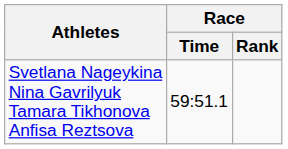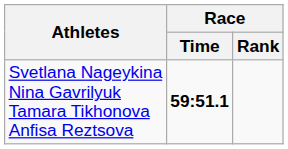 <table class="wikitable" border="1" style="font-size:90%">
 <tr>
 <th rowspan=2>Athletes</th>
 <th colspan=2>Race</th>
 </tr>
 <tr>
 <th>Time</th>
 <th>Rank</th>
 </tr>
 <tr>
 <td><a href='#'>Svetlana Nageykina</a><br><a href='#'>Nina Gavrilyuk</a><br><a href='#'>Tamara Tikhonova</a><br><a href='#'>Anfisa Reztsova</a></td>
-<td align=center>59:51.1</td>
+<td align=center><strong>59:51.1</strong></td>
 <td align=center></td>
 </tr>
 </table>
